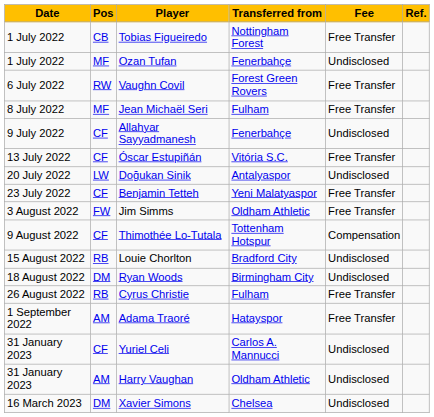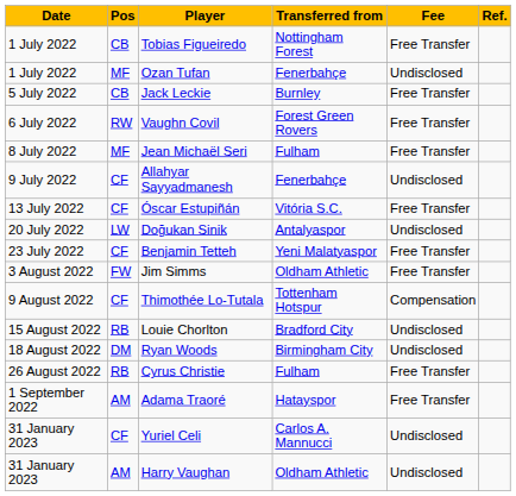 <table class="wikitable plainrowheaders sortable">
 <tr>
 <th style="background:#ffbf00; color:#000000; ">Date</th>
 <th style="background:#ffbf00; color:#000000; ">Pos</th>
 <th style="background:#ffbf00; color:#000000; ">Player</th>
 <th style="background:#ffbf00; color:#000000; ">Transferred from</th>
 <th style="background:#ffbf00; color:#000000; ">Fee</th>
 <th style="background:#ffbf00; color:#000000; ">Ref.</th>
 </tr>
 <tr>
 <td>1 July 2022</td>
 <td><a href='#'>CB</a></td>
 <td> <a href='#'>Tobias Figueiredo</a></td>
 <td> <a href='#'>Nottingham Forest</a></td>
 <td>Free Transfer</td>
 <td></td>
 </tr>
 <tr>
 <td>1 July 2022</td>
 <td><a href='#'>MF</a></td>
 <td> <a href='#'>Ozan Tufan</a></td>
 <td> <a href='#'>Fenerbahçe</a></td>
 <td>Undisclosed</td>
+<td></td>
+</tr>
+<tr>
+<td>5 July 2022</td>
+<td><a href='#'>CB</a></td>
+<td> <a href='#'>Jack Leckie</a></td>
+<td> <a href='#'>Burnley</a></td>
+<td>Free Transfer</td>
 <td></td>
 </tr>
 <tr>
 <td>6 July 2022</td>
 <td><a href='#'>RW</a></td>
 <td> <a href='#'>Vaughn Covil</a></td>
 <td> <a href='#'>Forest Green Rovers</a></td>
 <td>Free Transfer</td>
 <td></td>
 </tr>
 <tr>
 <td>8 July 2022</td>
 <td><a href='#'>MF</a></td>
 <td> <a href='#'>Jean Michaël Seri</a></td>
 <td> <a href='#'>Fulham</a></td>
 <td>Free Transfer</td>
 <td></td>
 </tr>
 <tr>
 <td>9 July 2022</td>
 <td><a href='#'>CF</a></td>
 <td> <a href='#'>Allahyar Sayyadmanesh</a></td>
 <td> <a href='#'>Fenerbahçe</a></td>
 <td>Undisclosed</td>
 <td></td>
 </tr>
 <tr>
 <td>13 July 2022</td>
 <td><a href='#'>CF</a></td>
 <td> <a href='#'>Óscar Estupiñán</a></td>
 <td> <a href='#'>Vitória S.C.</a></td>
 <td>Free Transfer</td>
 <td></td>
 </tr>
 <tr>
 <td>20 July 2022</td>
 <td><a href='#'>LW</a></td>
 <td> <a href='#'>Doğukan Sinik</a></td>
 <td> <a href='#'>Antalyaspor</a></td>
 <td>Undisclosed</td>
 <td></td>
 </tr>
 <tr>
 <td>23 July 2022</td>
 <td><a href='#'>CF</a></td>
 <td> <a href='#'>Benjamin Tetteh</a></td>
 <td> <a href='#'>Yeni Malatyaspor</a></td>
 <td>Free Transfer</td>
 <td></td>
 </tr>
 <tr>
 <td>3 August 2022</td>
 <td><a href='#'>FW</a></td>
 <td> Jim Simms</td>
 <td> <a href='#'>Oldham Athletic</a></td>
 <td>Free Transfer</td>
 <td></td>
 </tr>
 <tr>
 <td>9 August 2022</td>
 <td><a href='#'>CF</a></td>
 <td> <a href='#'>Thimothée Lo-Tutala</a></td>
 <td> <a href='#'>Tottenham Hotspur</a></td>
 <td>Compensation</td>
 <td></td>
 </tr>
 <tr>
 <td>15 August 2022</td>
 <td><a href='#'>RB</a></td>
 <td> Louie Chorlton</td>
 <td> <a href='#'>Bradford City</a></td>
 <td>Undisclosed</td>
 <td></td>
 </tr>
 <tr>
 <td>18 August 2022</td>
 <td><a href='#'>DM</a></td>
 <td> <a href='#'>Ryan Woods</a></td>
 <td> <a href='#'>Birmingham City</a></td>
 <td>Undisclosed</td>
 <td></td>
 </tr>
 <tr>
 <td>26 August 2022</td>
 <td><a href='#'>RB</a></td>
 <td> <a href='#'>Cyrus Christie</a></td>
 <td> <a href='#'>Fulham</a></td>
 <td>Free Transfer</td>
 <td></td>
 </tr>
 <tr>
 <td>1 September 2022</td>
 <td><a href='#'>AM</a></td>
 <td> <a href='#'>Adama Traoré</a></td>
 <td> <a href='#'>Hatayspor</a></td>
 <td>Free Transfer</td>
 <td></td>
 </tr>
 <tr>
 <td>31 January 2023</td>
 <td><a href='#'>CF</a></td>
 <td> <a href='#'>Yuriel Celi</a></td>
 <td> <a href='#'>Carlos A. Mannucci</a></td>
 <td>Undisclosed</td>
 <td></td>
 </tr>
 <tr>
 <td>31 January 2023</td>
 <td><a href='#'>AM</a></td>
 <td> <a href='#'>Harry Vaughan</a></td>
 <td> <a href='#'>Oldham Athletic</a></td>
 <td>Undisclosed</td>
 <td></td>
 </tr>
-<tr>
-<td>16 March 2023</td>
-<td><a href='#'>DM</a></td>
-<td> <a href='#'>Xavier Simons</a></td>
-<td> <a href='#'>Chelsea</a></td>
-<td>Undisclosed</td>
-<td></td>
-</tr>
 </table>
